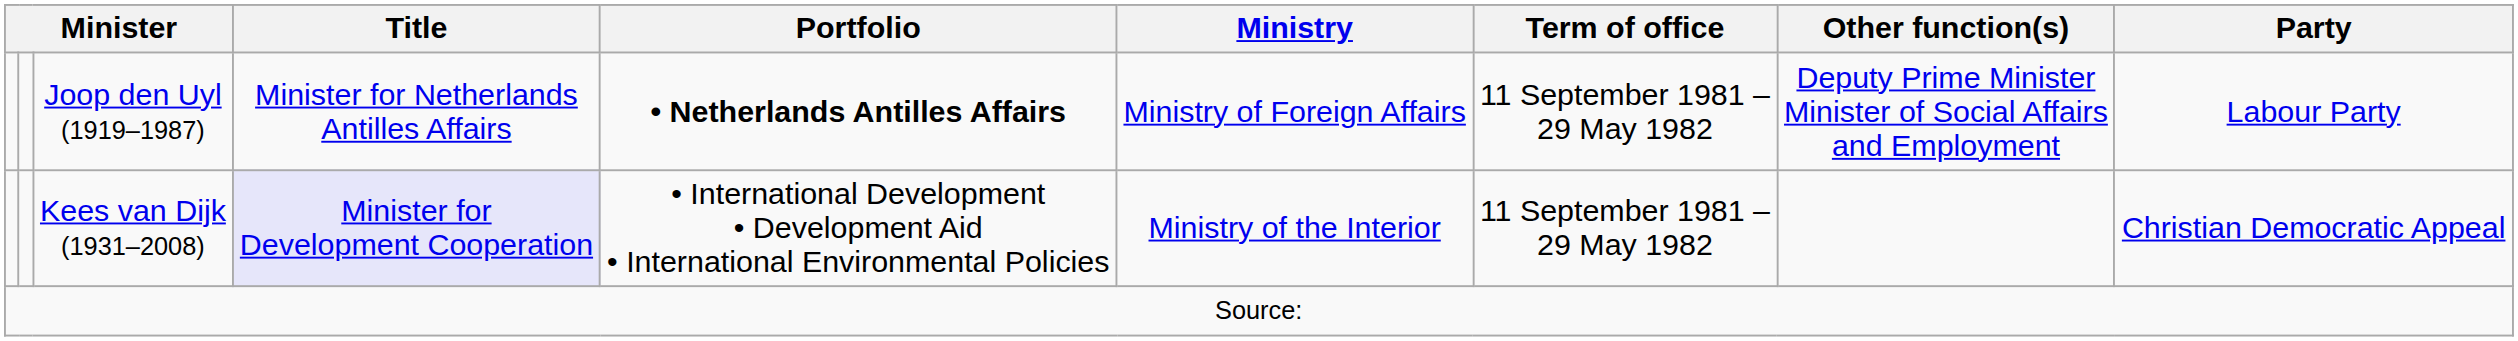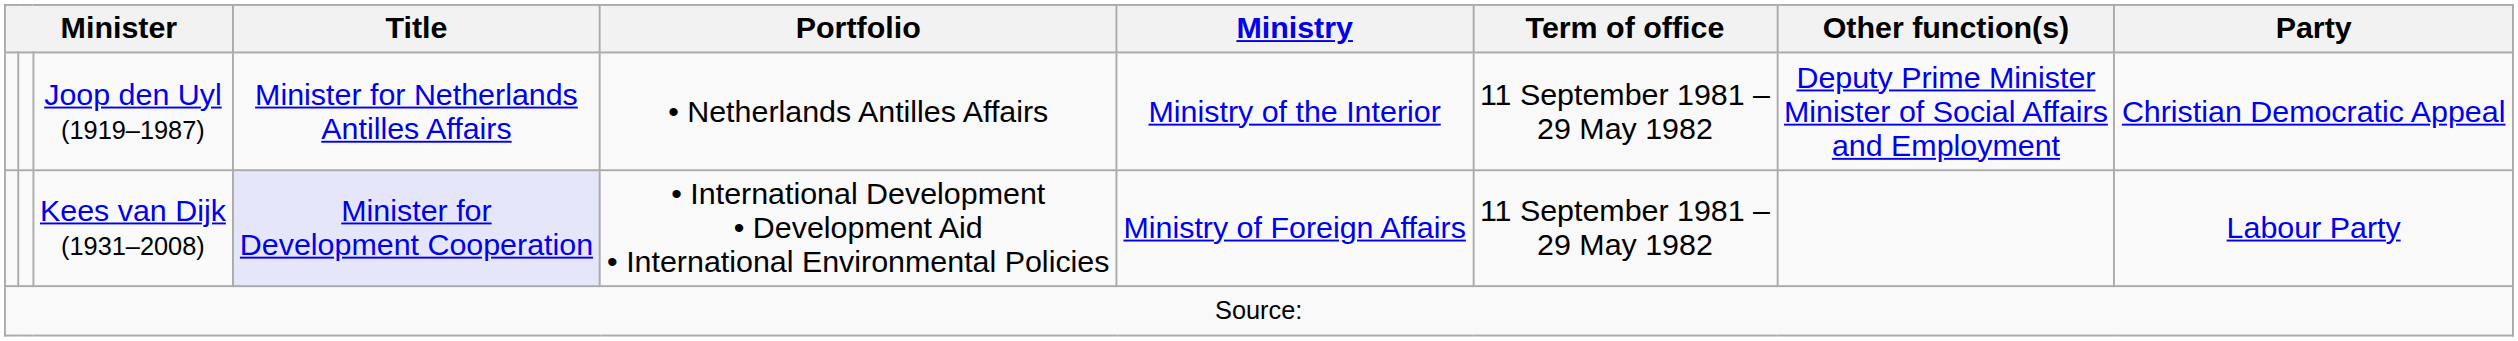 <table class="wikitable" style="text-align:center">
 <tr>
 <th colspan=3>Minister</th>
 <th>Title</th>
 <th>Portfolio</th>
 <th><a href='#'>Ministry</a></th>
 <th>Term of office</th>
 <th>Other function(s)</th>
 <th>Party</th>
 </tr>
 <tr>
 <td style="background:"></td>
 <td></td>
 <td><a href='#'>Joop den Uyl</a> <br> <small>(1919–1987)</small></td>
 <td><a href='#'>Minister for Netherlands <br> Antilles Affairs</a></td>
-<td><strong>• Netherlands Antilles Affairs</strong></td>
-<td><a href='#'>Ministry of Foreign Affairs</a></td>
+<td>• Netherlands Antilles Affairs</td>
+<td><a href='#'>Ministry of the Interior</a></td>
 <td>11 September 1981 – <br> 29 May 1982 <br> </td>
 <td><a href='#'>Deputy Prime Minister</a> <br> <a href='#'>Minister of Social Affairs <br> and Employment</a></td>
-<td><a href='#'>Labour Party</a></td>
+<td><a href='#'>Christian Democratic Appeal</a></td>
 </tr>
 <tr>
 <td style="background:"></td>
 <td></td>
 <td><a href='#'>Kees van Dijk</a> <br> <small>(1931–2008)</small></td>
 <td style="background: lavender;"><a href='#'>Minister for <br> Development Cooperation</a></td>
 <td>• International Development <br> • Development Aid <br> • International Environmental Policies</td>
-<td><a href='#'>Ministry of the Interior</a></td>
+<td><a href='#'>Ministry of Foreign Affairs</a></td>
 <td>11 September 1981 – <br> 29 May 1982</td>
 <td></td>
-<td><a href='#'>Christian Democratic Appeal</a></td>
+<td><a href='#'>Labour Party</a></td>
 </tr>
 <tr>
 <td colspan=9><small>Source:</small></td>
 </tr>
 </table>
